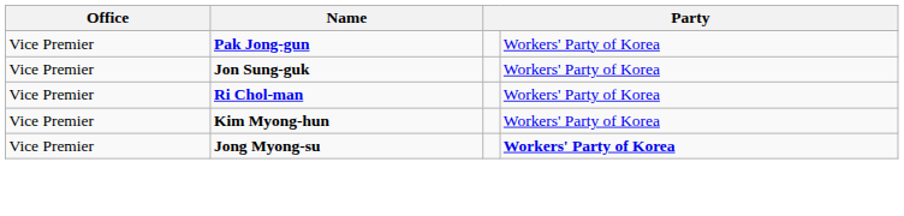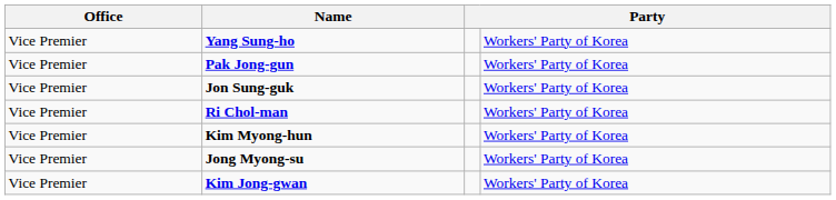 <table class="wikitable" width=70%>
 <tr>
 <th>Office <br> </th>
 <th>Name</th>
 <th colspan="2">Party</th>
+</tr>
+<tr>
+<td>Vice Premier</td>
+<td><strong><a href='#'>Yang Sung-ho</a></strong><br></td>
+<td style="background:"></td>
+<td><a href='#'>Workers' Party of Korea</a></td>
 </tr>
 <tr>
 <td>Vice Premier<br></td>
 <td><strong><a href='#'>Pak Jong-gun</a></strong><br></td>
 <td style="background:"></td>
 <td><a href='#'>Workers' Party of Korea</a></td>
 </tr>
 <tr>
 <td>Vice Premier</td>
 <td><strong>Jon Sung-guk</strong><br></td>
 <td style="background:"></td>
 <td><a href='#'>Workers' Party of Korea</a></td>
 </tr>
 <tr>
 <td>Vice Premier<br></td>
 <td><strong><a href='#'>Ri Chol-man</a></strong><br></td>
 <td style="background:"></td>
 <td><a href='#'>Workers' Party of Korea</a></td>
 </tr>
 <tr>
 <td>Vice Premier</td>
 <td><strong>Kim Myong-hun</strong><br></td>
 <td style="background:"></td>
 <td><a href='#'>Workers' Party of Korea</a></td>
 </tr>
 <tr>
 <td>Vice Premier</td>
 <td><strong>Jong Myong-su</strong><br></td>
 <td style="background:"></td>
-<td><strong><a href='#'>Workers' Party of Korea</a></strong></td>
+<td><a href='#'>Workers' Party of Korea</a></td>
+</tr>
+<tr>
+<td>Vice Premier</td>
+<td><strong><a href='#'>Kim Jong-gwan</a></strong><br></td>
+<td style="background:"></td>
+<td><a href='#'>Workers' Party of Korea</a></td>
 </tr>
 </table>
